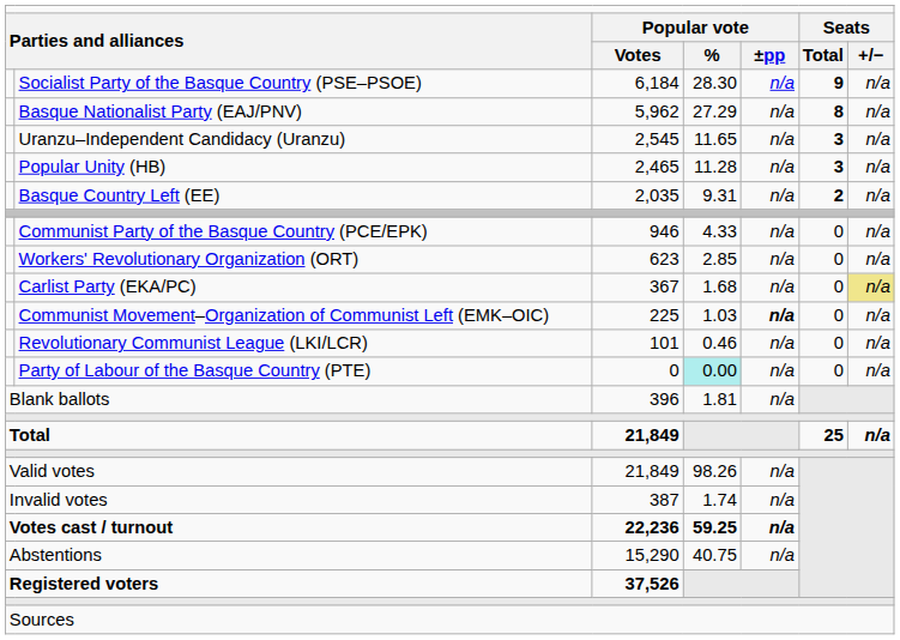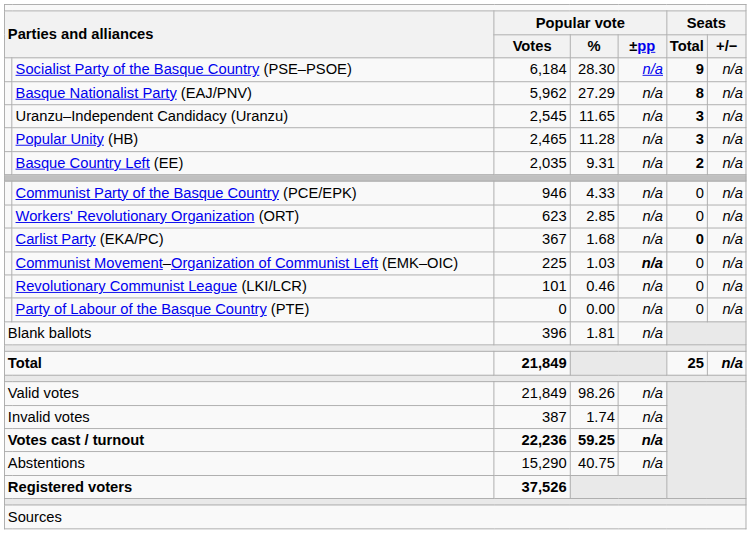 <table class="wikitable" style="text-align:right;">
 <tr>
 <td colspan="7"></td>
 </tr>
 <tr>
 <th style="text-align:left;" rowspan="2" colspan="2" width="525">Parties and alliances</th>
 <th colspan="3">Popular vote</th>
 <th colspan="2">Seats</th>
 </tr>
 <tr>
 <th width="75">Votes</th>
 <th width="45">%</th>
 <th width="45">±<a href='#'>pp</a></th>
 <th width="35">Total</th>
 <th width="35">+/−</th>
 </tr>
 <tr>
 <td width="1" style="color:inherit;background:"></td>
 <td align="left"><a href='#'>Socialist Party of the Basque Country</a> (PSE–PSOE)</td>
 <td>6,184</td>
 <td>28.30</td>
 <td><em><a href='#'>n/a</a></em></td>
 <td><strong>9</strong></td>
 <td><em>n/a</em></td>
 </tr>
 <tr>
 <td style="color:inherit;background:"></td>
 <td align="left"><a href='#'>Basque Nationalist Party</a> (EAJ/PNV)</td>
 <td>5,962</td>
 <td>27.29</td>
 <td><em>n/a</em></td>
 <td><strong>8</strong></td>
 <td><em>n/a</em></td>
 </tr>
 <tr>
 <td style="color:inherit;background:"></td>
 <td align="left">Uranzu–Independent Candidacy (Uranzu)</td>
 <td>2,545</td>
 <td>11.65</td>
 <td><em>n/a</em></td>
 <td><strong>3</strong></td>
 <td><em>n/a</em></td>
 </tr>
 <tr>
 <td style="color:inherit;background:"></td>
 <td align="left"><a href='#'>Popular Unity</a> (HB)</td>
 <td>2,465</td>
 <td>11.28</td>
 <td><em>n/a</em></td>
 <td><strong>3</strong></td>
 <td><em>n/a</em></td>
 </tr>
 <tr>
 <td style="color:inherit;background:"></td>
 <td align="left"><a href='#'>Basque Country Left</a> (EE)</td>
 <td>2,035</td>
 <td>9.31</td>
 <td><em>n/a</em></td>
 <td><strong>2</strong></td>
 <td><em>n/a</em></td>
 </tr>
 <tr>
 <td colspan="7" bgcolor="#C0C0C0"></td>
 </tr>
 <tr>
 <td style="color:inherit;background:"></td>
 <td align="left"><a href='#'>Communist Party of the Basque Country</a> (PCE/EPK)</td>
 <td>946</td>
 <td>4.33</td>
 <td><em>n/a</em></td>
 <td>0</td>
 <td><em>n/a</em></td>
 </tr>
 <tr>
 <td style="color:inherit;background:"></td>
 <td align="left"><a href='#'>Workers' Revolutionary Organization</a> (ORT)</td>
 <td>623</td>
 <td>2.85</td>
 <td><em>n/a</em></td>
 <td>0</td>
 <td><em>n/a</em></td>
 </tr>
 <tr>
 <td style="color:inherit;background:"></td>
 <td align="left"><a href='#'>Carlist Party</a> (EKA/PC)</td>
 <td>367</td>
 <td>1.68</td>
 <td><em>n/a</em></td>
-<td>0</td>
-<td style="background: khaki;"><em>n/a</em></td>
+<td><strong>0</strong></td>
+<td><em>n/a</em></td>
 </tr>
 <tr>
 <td style="color:inherit;background:"></td>
 <td align="left"><a href='#'>Communist Movement</a>–<a href='#'>Organization of Communist Left</a> (EMK–OIC)</td>
 <td>225</td>
 <td>1.03</td>
 <td><strong><em>n/a</em></strong></td>
 <td>0</td>
 <td><em>n/a</em></td>
 </tr>
 <tr>
 <td style="color:inherit;background:"></td>
 <td align="left"><a href='#'>Revolutionary Communist League</a> (LKI/LCR)</td>
 <td>101</td>
 <td>0.46</td>
 <td><em>n/a</em></td>
 <td>0</td>
 <td><em>n/a</em></td>
 </tr>
 <tr>
 <td style="color:inherit;background:"></td>
 <td align="left"><a href='#'>Party of Labour of the Basque Country</a> (PTE)</td>
 <td>0</td>
-<td style="background: paleturquoise;">0.00</td>
+<td>0.00</td>
 <td><em>n/a</em></td>
 <td>0</td>
 <td><em>n/a</em></td>
 </tr>
 <tr>
 <td align="left" colspan="2">Blank ballots</td>
 <td>396</td>
 <td>1.81</td>
 <td><em>n/a</em></td>
 <td bgcolor="#E9E9E9" colspan="2"></td>
 </tr>
 <tr>
 <td colspan="7" bgcolor="#E9E9E9"></td>
 </tr>
 <tr style="font-weight:bold;">
 <td align="left" colspan="2">Total</td>
 <td>21,849</td>
 <td bgcolor="#E9E9E9" colspan="2"></td>
 <td>25</td>
 <td><em>n/a</em></td>
 </tr>
 <tr>
 <td colspan="7" bgcolor="#E9E9E9"></td>
 </tr>
 <tr>
 <td align="left" colspan="2">Valid votes</td>
 <td>21,849</td>
 <td>98.26</td>
 <td><em>n/a</em></td>
 <td bgcolor="#E9E9E9" colspan="2" rowspan="5"></td>
 </tr>
 <tr>
 <td align="left" colspan="2">Invalid votes</td>
 <td>387</td>
 <td>1.74</td>
 <td><em>n/a</em></td>
 </tr>
 <tr style="font-weight:bold;">
 <td align="left" colspan="2">Votes cast / turnout</td>
 <td>22,236</td>
 <td>59.25</td>
 <td><em>n/a</em></td>
 </tr>
 <tr>
 <td align="left" colspan="2">Abstentions</td>
 <td>15,290</td>
 <td>40.75</td>
 <td><em>n/a</em></td>
 </tr>
 <tr style="font-weight:bold;">
 <td align="left" colspan="2">Registered voters</td>
 <td>37,526</td>
 <td bgcolor="#E9E9E9" colspan="2"></td>
 </tr>
 <tr>
 <td colspan="7" bgcolor="#E9E9E9"></td>
 </tr>
 <tr>
 <td align="left" colspan="7">Sources</td>
 </tr>
 </table>
